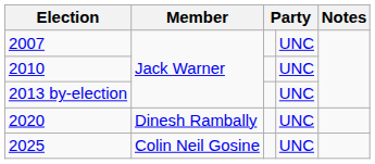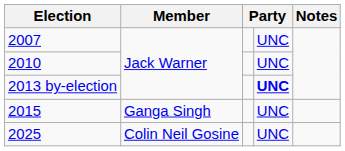 <table class="wikitable sortable">
 <tr>
 <th>Election</th>
 <th>Member</th>
 <th colspan="2">Party</th>
 <th>Notes</th>
 </tr>
 <tr>
 <td><a href='#'>2007</a></td>
 <td rowspan="3"><a href='#'>Jack Warner</a></td>
 <td style="background:"> </td>
 <td><a href='#'>UNC</a></td>
 <td rowspan="3"></td>
 </tr>
 <tr>
 <td><a href='#'>2010</a></td>
 <td style="background:"> </td>
 <td><a href='#'>UNC</a></td>
 </tr>
 <tr>
 <td><a href='#'>2013 by-election</a></td>
 <td style="background:"> </td>
-<td><a href='#'>UNC</a></td>
+<td><strong><a href='#'>UNC</a></strong></td>
 </tr>
 <tr>
-<td><a href='#'>2020</a></td>
-<td><a href='#'>Dinesh Rambally</a></td>
+<td><a href='#'>2015</a></td>
+<td><a href='#'>Ganga Singh</a></td>
 <td style="background:"> </td>
 <td><a href='#'>UNC</a></td>
 <td></td>
 </tr>
 <tr>
 <td><a href='#'>2025</a></td>
 <td><a href='#'>Colin Neil Gosine</a></td>
 <td style="background:"> </td>
 <td><a href='#'>UNC</a></td>
 <td></td>
 </tr>
 </table>
